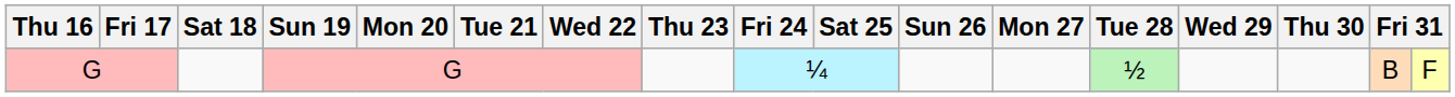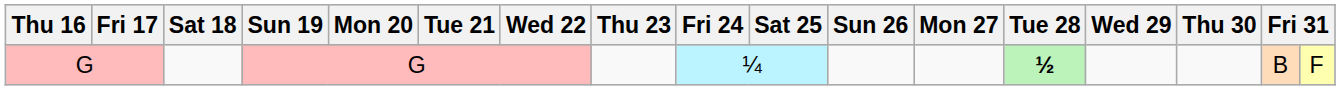 <table class="wikitable" style="margin:0.5em auto; font-size:90%; line-height:1.25em; text-align:center">
 <tr>
 <th>Thu 16</th>
 <th>Fri 17</th>
 <th>Sat 18</th>
 <th>Sun 19</th>
 <th>Mon 20</th>
 <th>Tue 21</th>
 <th>Wed 22</th>
 <th>Thu 23</th>
 <th>Fri 24</th>
 <th>Sat 25</th>
 <th>Sun 26</th>
 <th>Mon 27</th>
 <th>Tue 28</th>
 <th>Wed 29</th>
 <th>Thu 30</th>
 <th colspan="2">Fri 31</th>
 </tr>
 <tr>
 <td bgcolor="#FFBBBB" colspan="2">G</td>
 <td></td>
 <td bgcolor="#FFBBBB" colspan="4">G</td>
 <td></td>
 <td bgcolor="#BBF3FF" colspan="2">¼</td>
 <td></td>
 <td></td>
-<td bgcolor="#BBF3BB">½</td>
+<td bgcolor="#BBF3BB"><strong>½</strong></td>
 <td></td>
 <td></td>
 <td bgcolor="#FEDCBA">B</td>
 <td bgcolor="#FFFFB">F</td>
 </tr>
 </table>
